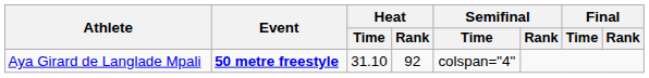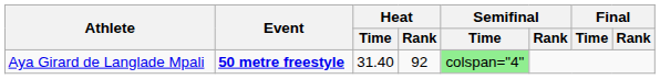 <table class="wikitable" style="text-align:center; font-size:90%; width:50%;">
 <tr>
 <th rowspan="2">Athlete</th>
 <th rowspan="2">Event</th>
 <th colspan="2">Heat</th>
 <th colspan="2">Semifinal</th>
 <th colspan="2">Final</th>
 </tr>
 <tr style="font-size:95%">
 <th>Time</th>
 <th>Rank</th>
 <th>Time</th>
 <th>Rank</th>
 <th>Time</th>
 <th>Rank</th>
 </tr>
 <tr>
 <td align=left><a href='#'>Aya Girard de Langlade Mpali</a></td>
 <td align=left><strong><a href='#'>50 metre freestyle</a></strong></td>
-<td>31.10</td>
+<td>31.40</td>
 <td>92</td>
-<td>colspan="4" </td>
+<td style="background: lightgreen;">colspan="4" </td>
 </tr>
 </table>
